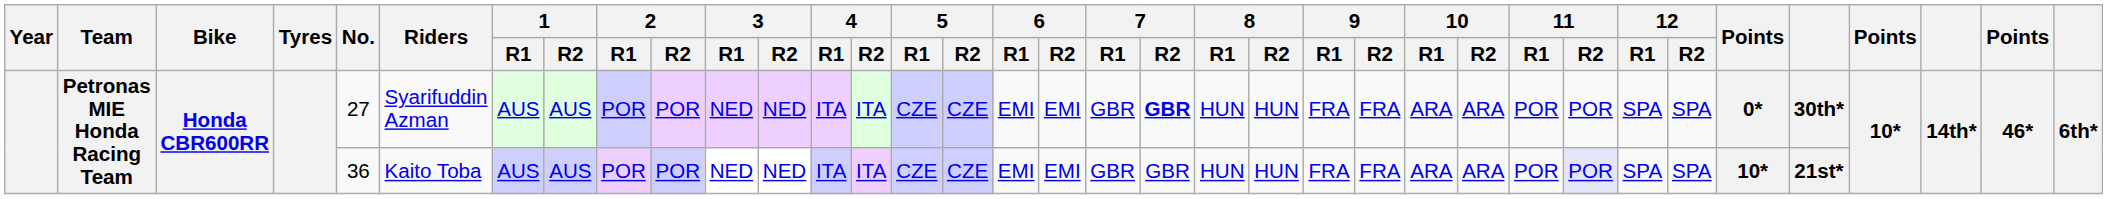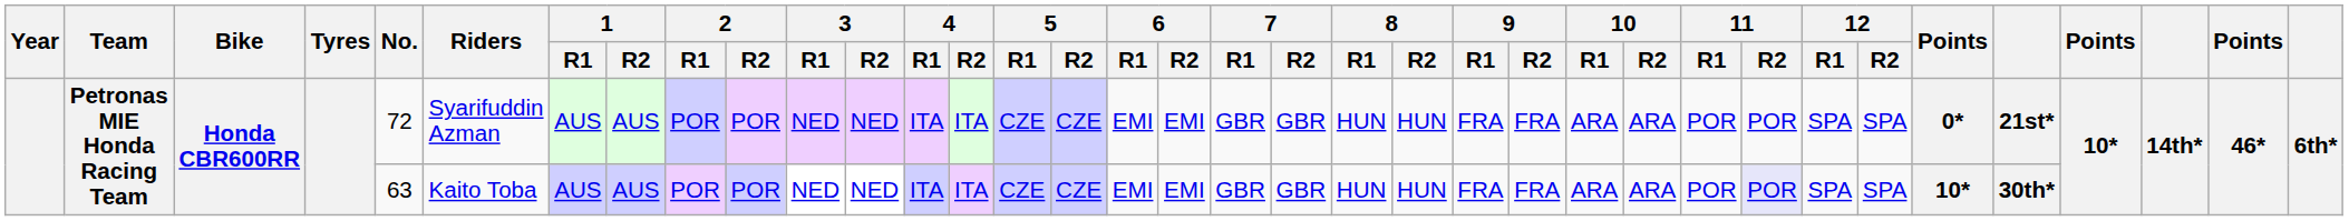 <table class="wikitable" style="text-align:center; font-size:90%;">
 <tr>
 <th rowspan="2">Year</th>
 <th rowspan="2">Team</th>
 <th rowspan="2">Bike</th>
 <th rowspan="2">Tyres</th>
 <th rowspan="2">No.</th>
 <th rowspan="2">Riders</th>
 <th colspan="2">1</th>
 <th colspan="2">2</th>
 <th colspan="2">3</th>
 <th colspan="2">4</th>
 <th colspan="2">5</th>
 <th colspan="2">6</th>
 <th colspan="2">7</th>
 <th colspan="2">8</th>
 <th colspan="2">9</th>
 <th colspan="2">10</th>
 <th colspan="2">11</th>
 <th colspan="2">12</th>
 <th rowspan="2">Points</th>
 <th rowspan="2"></th>
 <th rowspan="2">Points</th>
 <th rowspan="2"></th>
 <th rowspan="2">Points</th>
 <th rowspan="2"></th>
 </tr>
 <tr>
 <th>R1</th>
 <th>R2</th>
 <th>R1</th>
 <th>R2</th>
 <th>R1</th>
 <th>R2</th>
 <th>R1</th>
 <th>R2</th>
 <th>R1</th>
 <th>R2</th>
 <th>R1</th>
 <th>R2</th>
 <th>R1</th>
 <th>R2</th>
 <th>R1</th>
 <th>R2</th>
 <th>R1</th>
 <th>R2</th>
 <th>R1</th>
 <th>R2</th>
 <th>R1</th>
 <th>R2</th>
 <th>R1</th>
 <th>R2</th>
 </tr>
 <tr>
 <th rowspan="2"></th>
 <th rowspan="2">Petronas MIE Honda Racing Team</th>
 <th rowspan="2"><a href='#'>Honda CBR600RR</a></th>
 <th rowspan="2"></th>
-<td>27</td>
+<td>72</td>
 <td style="text-align:left;"> <a href='#'>Syarifuddin Azman</a></td>
 <td style="background:#DFFFDF;"><a href='#'>AUS</a><br></td>
 <td style="background:#DFFFDF;"><a href='#'>AUS</a><br></td>
 <td style="background:#CFCFFF;"><a href='#'>POR</a><br></td>
 <td style="background:#EFCFFF;"><a href='#'>POR</a><br></td>
 <td style="background:#EFCFFF;"><a href='#'>NED</a><br></td>
 <td style="background:#EFCFFF;"><a href='#'>NED</a><br></td>
 <td style="background:#EFCFFF;"><a href='#'>ITA</a><br></td>
 <td style="background:#DFFFDF;"><a href='#'>ITA</a><br></td>
 <td style="background:#CFCFFF;"><a href='#'>CZE</a><br></td>
 <td style="background:#CFCFFF;"><a href='#'>CZE</a><br></td>
 <td><a href='#'>EMI</a></td>
 <td><a href='#'>EMI</a></td>
 <td><a href='#'>GBR</a></td>
-<td><strong><a href='#'>GBR</a></strong></td>
+<td><a href='#'>GBR</a></td>
 <td><a href='#'>HUN</a></td>
 <td><a href='#'>HUN</a></td>
 <td><a href='#'>FRA</a></td>
 <td><a href='#'>FRA</a></td>
 <td><a href='#'>ARA</a></td>
 <td><a href='#'>ARA</a></td>
 <td><a href='#'>POR</a></td>
 <td><a href='#'>POR</a></td>
 <td><a href='#'>SPA</a></td>
 <td><a href='#'>SPA</a></td>
 <th>0*</th>
-<th>30th*</th>
+<th>21st*</th>
 <th rowspan="2">10*</th>
 <th rowspan="2">14th*</th>
 <th rowspan="2">46*</th>
 <th rowspan="2">6th*</th>
 </tr>
 <tr>
-<td>36</td>
+<td>63</td>
 <td style="text-align:left;"> <a href='#'>Kaito Toba</a></td>
 <td style="background:#CFCFFF;"><a href='#'>AUS</a><br></td>
 <td style="background:#CFCFFF;"><a href='#'>AUS</a><br></td>
 <td style="background:#EFCFFF;"><a href='#'>POR</a><br></td>
 <td style="background:#CFCFFF;"><a href='#'>POR</a><br></td>
 <td style="background:#FFFFFF;"><a href='#'>NED</a><br></td>
 <td style="background:#FFFFFF;"><a href='#'>NED</a><br></td>
 <td style="background:#CFCFFF;"><a href='#'>ITA</a><br></td>
 <td style="background:#EFCFFF;"><a href='#'>ITA</a><br></td>
 <td style="background:#CFCFFF;"><a href='#'>CZE</a><br></td>
 <td style="background:#CFCFFF;"><a href='#'>CZE</a><br></td>
 <td><a href='#'>EMI</a></td>
 <td><a href='#'>EMI</a></td>
 <td><a href='#'>GBR</a></td>
 <td><a href='#'>GBR</a></td>
 <td><a href='#'>HUN</a></td>
 <td><a href='#'>HUN</a></td>
 <td><a href='#'>FRA</a></td>
 <td><a href='#'>FRA</a></td>
 <td><a href='#'>ARA</a></td>
 <td><a href='#'>ARA</a></td>
 <td><a href='#'>POR</a></td>
 <td style="background: lavender;"><a href='#'>POR</a></td>
 <td><a href='#'>SPA</a></td>
 <td><a href='#'>SPA</a></td>
 <th>10*</th>
-<th>21st*</th>
+<th>30th*</th>
 </tr>
 </table>
